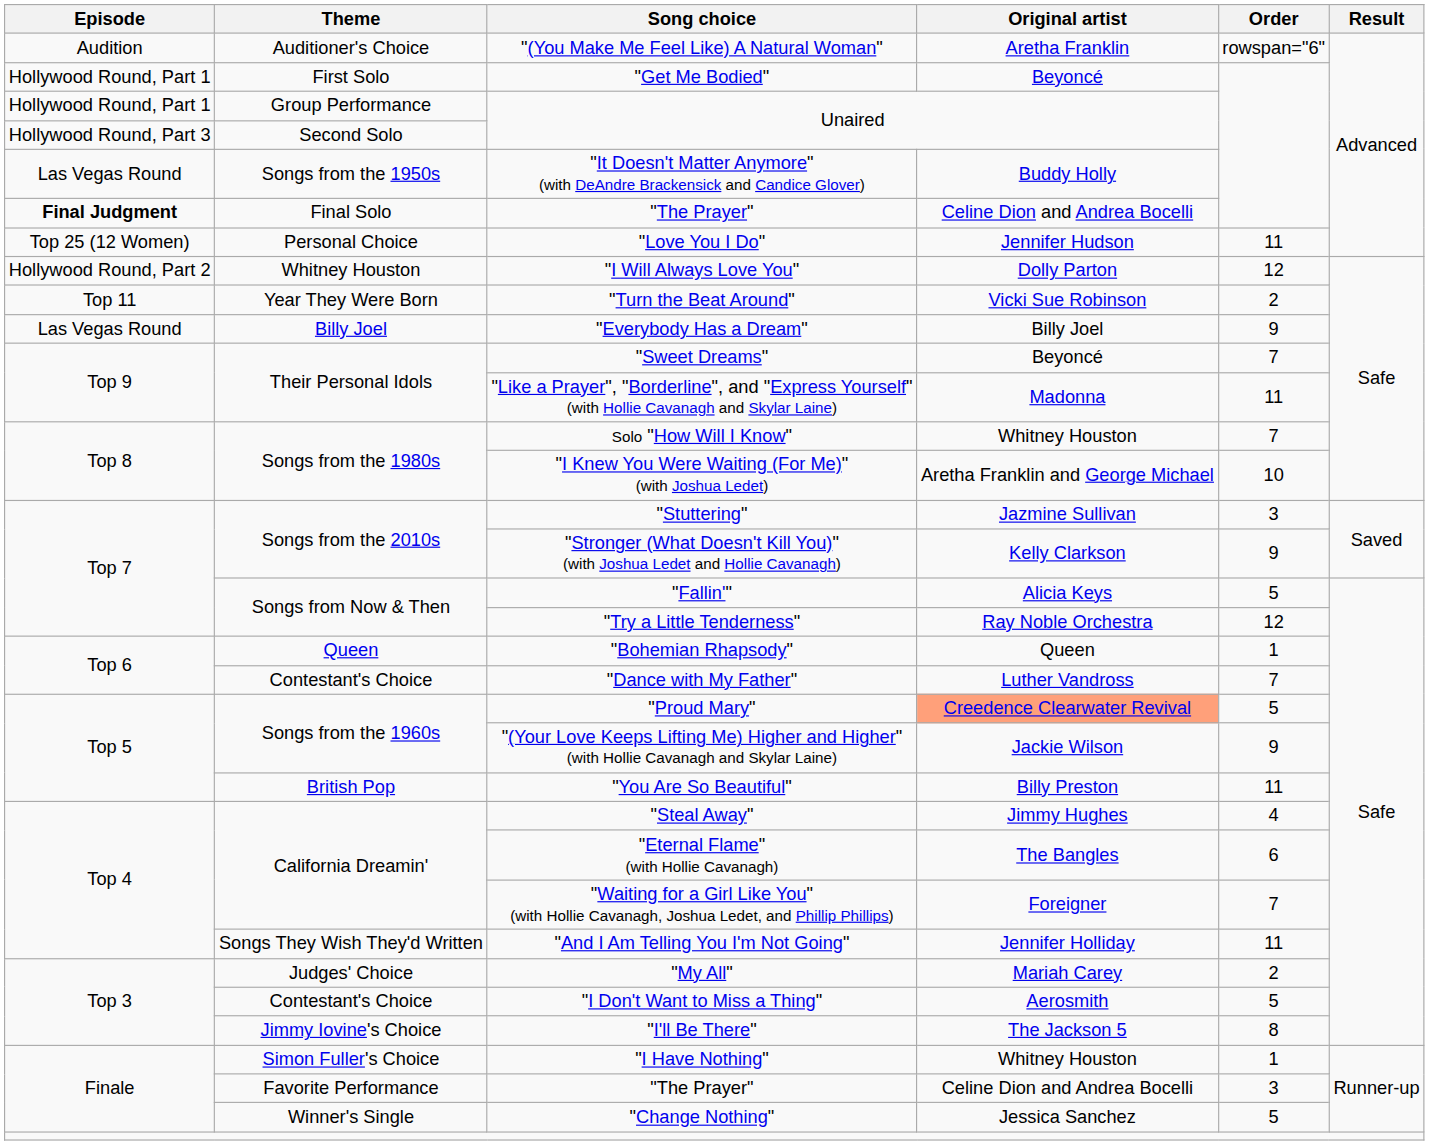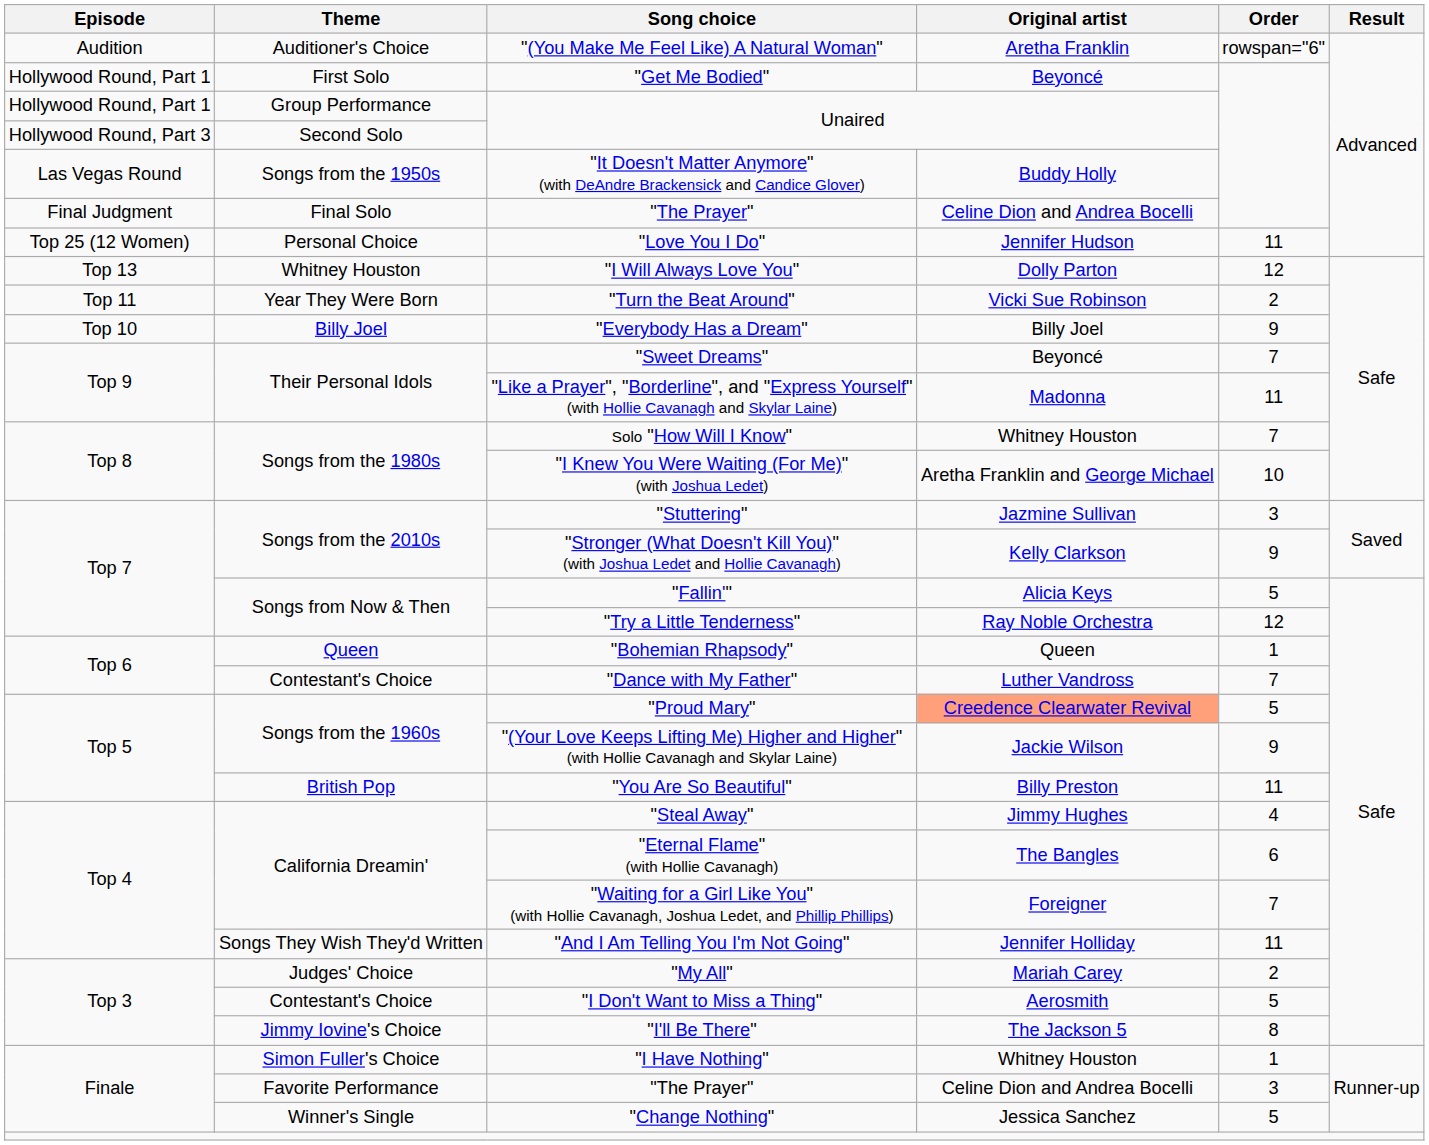 <table class="wikitable collapsible collapsed" style="text-align:center;">
 <tr>
 <th>Episode</th>
 <th>Theme</th>
 <th>Song choice</th>
 <th>Original artist</th>
 <th>Order</th>
 <th>Result</th>
 </tr>
 <tr>
 <td>Audition</td>
 <td>Auditioner's Choice</td>
 <td>"<a href='#'>(You Make Me Feel Like) A Natural Woman</a>"</td>
 <td><a href='#'>Aretha Franklin</a></td>
 <td>rowspan="6" </td>
 <td rowspan="7">Advanced</td>
 </tr>
 <tr>
 <td>Hollywood Round, Part 1</td>
 <td>First Solo</td>
 <td>"<a href='#'>Get Me Bodied</a>"</td>
 <td><a href='#'>Beyoncé</a></td>
 </tr>
 <tr>
 <td>Hollywood Round, Part 1</td>
 <td>Group Performance</td>
 <td colspan="2" rowspan="2">Unaired</td>
 </tr>
 <tr>
 <td>Hollywood Round, Part 3</td>
 <td>Second Solo</td>
 </tr>
 <tr>
 <td>Las Vegas Round</td>
 <td>Songs from the <a href='#'>1950s</a></td>
 <td>"<a href='#'>It Doesn't Matter Anymore</a>"<br><small>(with <a href='#'>DeAndre Brackensick</a> and <a href='#'>Candice Glover</a>)</small></td>
 <td><a href='#'>Buddy Holly</a></td>
 </tr>
 <tr>
-<td><strong>Final Judgment</strong></td>
+<td>Final Judgment</td>
 <td>Final Solo</td>
 <td>"<a href='#'>The Prayer</a>"</td>
 <td><a href='#'>Celine Dion</a> and <a href='#'>Andrea Bocelli</a></td>
 </tr>
 <tr>
 <td>Top 25 (12 Women)</td>
 <td>Personal Choice</td>
 <td>"<a href='#'>Love You I Do</a>"</td>
 <td><a href='#'>Jennifer Hudson</a></td>
 <td>11</td>
 </tr>
 <tr>
-<td>Hollywood Round, Part 2</td>
+<td>Top 13</td>
 <td>Whitney Houston</td>
 <td>"<a href='#'>I Will Always Love You</a>"</td>
 <td><a href='#'>Dolly Parton</a></td>
 <td>12</td>
 <td rowspan="7">Safe</td>
 </tr>
 <tr>
 <td>Top 11</td>
 <td>Year They Were Born</td>
 <td>"<a href='#'>Turn the Beat Around</a>"</td>
 <td><a href='#'>Vicki Sue Robinson</a></td>
 <td>2</td>
 </tr>
 <tr>
-<td>Las Vegas Round</td>
+<td>Top 10</td>
 <td><a href='#'>Billy Joel</a></td>
 <td>"<a href='#'>Everybody Has a Dream</a>"</td>
 <td>Billy Joel</td>
 <td>9</td>
 </tr>
 <tr>
 <td rowspan="2">Top 9</td>
 <td rowspan="2">Their Personal Idols</td>
 <td>"<a href='#'>Sweet Dreams</a>"</td>
 <td>Beyoncé</td>
 <td>7</td>
 </tr>
 <tr>
 <td>"<a href='#'>Like a Prayer</a>", "<a href='#'>Borderline</a>", and "<a href='#'>Express Yourself</a>"<br><small>(with <a href='#'>Hollie Cavanagh</a> and <a href='#'>Skylar Laine</a>)</small></td>
 <td><a href='#'>Madonna</a></td>
 <td>11</td>
 </tr>
 <tr>
 <td rowspan="2">Top 8</td>
 <td rowspan="2">Songs from the <a href='#'>1980s</a></td>
 <td><small>Solo</small> "<a href='#'>How Will I Know</a>"</td>
 <td>Whitney Houston</td>
 <td>7</td>
 </tr>
 <tr>
 <td>"<a href='#'>I Knew You Were Waiting (For Me)</a>"<br><small>(with <a href='#'>Joshua Ledet</a>)</small></td>
 <td>Aretha Franklin and <a href='#'>George Michael</a></td>
 <td>10</td>
 </tr>
 <tr>
 <td rowspan="4">Top 7</td>
 <td rowspan="2">Songs from the <a href='#'>2010s</a></td>
 <td>"<a href='#'>Stuttering</a>"</td>
 <td><a href='#'>Jazmine Sullivan</a></td>
 <td>3</td>
 <td rowspan="2">Saved</td>
 </tr>
 <tr>
 <td>"<a href='#'>Stronger (What Doesn't Kill You)</a>"<br><small>(with <a href='#'>Joshua Ledet</a> and <a href='#'>Hollie Cavanagh</a>)</small></td>
 <td><a href='#'>Kelly Clarkson</a></td>
 <td>9</td>
 </tr>
 <tr>
 <td rowspan="2">Songs from Now & Then</td>
 <td>"<a href='#'>Fallin'</a>"</td>
 <td><a href='#'>Alicia Keys</a></td>
 <td>5</td>
 <td rowspan="14">Safe</td>
 </tr>
 <tr>
 <td>"<a href='#'>Try a Little Tenderness</a>"</td>
 <td><a href='#'>Ray Noble Orchestra</a></td>
 <td>12</td>
 </tr>
 <tr>
 <td rowspan="2">Top 6</td>
 <td><a href='#'>Queen</a></td>
 <td>"<a href='#'>Bohemian Rhapsody</a>"</td>
 <td>Queen</td>
 <td>1</td>
 </tr>
 <tr>
 <td>Contestant's Choice</td>
 <td>"<a href='#'>Dance with My Father</a>"</td>
 <td><a href='#'>Luther Vandross</a></td>
 <td>7</td>
 </tr>
 <tr>
 <td rowspan="3">Top 5</td>
 <td rowspan="2">Songs from the <a href='#'>1960s</a></td>
 <td>"<a href='#'>Proud Mary</a>"</td>
 <td style="background: lightsalmon;"><a href='#'>Creedence Clearwater Revival</a></td>
 <td>5</td>
 </tr>
 <tr>
 <td>"<a href='#'>(Your Love Keeps Lifting Me) Higher and Higher</a>"<br><small>(with Hollie Cavanagh and Skylar Laine)</small></td>
 <td><a href='#'>Jackie Wilson</a></td>
 <td>9</td>
 </tr>
 <tr>
 <td><a href='#'>British Pop</a></td>
 <td>"<a href='#'>You Are So Beautiful</a>"</td>
 <td><a href='#'>Billy Preston</a></td>
 <td>11</td>
 </tr>
 <tr>
 <td rowspan="4">Top 4</td>
 <td rowspan="3">California Dreamin'</td>
 <td>"<a href='#'>Steal Away</a>"</td>
 <td><a href='#'>Jimmy Hughes</a> </td>
 <td>4</td>
 </tr>
 <tr>
 <td>"<a href='#'>Eternal Flame</a>"<br><small>(with Hollie Cavanagh)</small></td>
 <td><a href='#'>The Bangles</a></td>
 <td>6</td>
 </tr>
 <tr>
 <td>"<a href='#'>Waiting for a Girl Like You</a>"<br><small>(with Hollie Cavanagh, Joshua Ledet, and <a href='#'>Phillip Phillips</a>)</small></td>
 <td><a href='#'>Foreigner</a></td>
 <td>7</td>
 </tr>
 <tr>
 <td>Songs They Wish They'd Written</td>
 <td>"<a href='#'>And I Am Telling You I'm Not Going</a>"</td>
 <td><a href='#'>Jennifer Holliday</a></td>
 <td>11</td>
 </tr>
 <tr>
 <td rowspan="3">Top 3</td>
 <td>Judges' Choice</td>
 <td>"<a href='#'>My All</a>"</td>
 <td><a href='#'>Mariah Carey</a></td>
 <td>2</td>
 </tr>
 <tr>
 <td>Contestant's Choice</td>
 <td>"<a href='#'>I Don't Want to Miss a Thing</a>"</td>
 <td><a href='#'>Aerosmith</a></td>
 <td>5</td>
 </tr>
 <tr>
 <td><a href='#'>Jimmy Iovine</a>'s Choice</td>
 <td>"<a href='#'>I'll Be There</a>"</td>
 <td><a href='#'>The Jackson 5</a></td>
 <td>8</td>
 </tr>
 <tr>
 <td rowspan="3">Finale</td>
 <td><a href='#'>Simon Fuller</a>'s Choice</td>
 <td>"<a href='#'>I Have Nothing</a>"</td>
 <td>Whitney Houston</td>
 <td>1</td>
 <td rowspan="3">Runner-up</td>
 </tr>
 <tr>
 <td>Favorite Performance</td>
 <td>"The Prayer"</td>
 <td>Celine Dion and Andrea Bocelli</td>
 <td>3</td>
 </tr>
 <tr>
 <td>Winner's Single</td>
 <td>"<a href='#'>Change Nothing</a>"</td>
 <td>Jessica Sanchez</td>
 <td>5</td>
 </tr>
 <tr>
 <td colspan="6"></td>
 </tr>
 </table>
